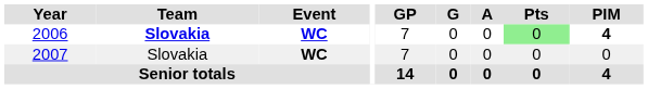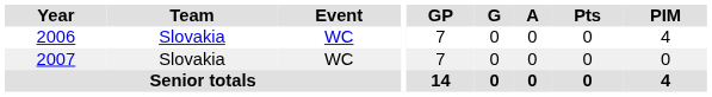 <table border="0" cellpadding="1" cellspacing="0" ID="Table3" style="text-align:center; width:40em">
 <tr ALIGN="center" bgcolor="#e0e0e0">
 <th>Year</th>
 <th>Team</th>
 <th>Event</th>
 <th rowspan="99" bgcolor="#ffffff"></th>
 <th>GP</th>
 <th>G</th>
 <th>A</th>
 <th>Pts</th>
 <th>PIM</th>
 </tr>
 <tr>
 <td><a href='#'>2006</a></td>
-<td><strong><a href='#'>Slovakia</a></strong></td>
-<td><strong><a href='#'>WC</a></strong></td>
+<td><a href='#'>Slovakia</a></td>
+<td><a href='#'>WC</a></td>
 <td>7</td>
 <td>0</td>
 <td>0</td>
-<td style="background: lightgreen;">0</td>
-<td><strong>4</strong></td>
+<td>0</td>
+<td>4</td>
 </tr>
 <tr bgcolor="#f0f0f0">
 <td><a href='#'>2007</a></td>
 <td>Slovakia</td>
-<td><strong>WC</strong></td>
+<td>WC</td>
 <td>7</td>
 <td>0</td>
 <td>0</td>
 <td>0</td>
 <td>0</td>
 </tr>
 <tr bgcolor="#e0e0e0">
 <th colspan="3">Senior totals</th>
 <th>14</th>
 <th>0</th>
 <th>0</th>
 <th>0</th>
 <th>4</th>
 </tr>
 </table>
